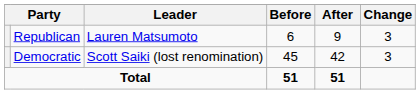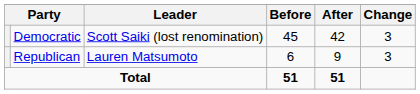 <table class="wikitable" style="text-align:center;">
 <tr>
 </tr>
 <tr>
 <th colspan="2">Party</th>
 <th>Leader</th>
 <th style="width:3em">Before</th>
 <th style="width:3em">After</th>
 <th style="width:3em">Change</th>
 </tr>
 <tr>
 <th style="background-color:"></th>
+<td style="text-align:left;"><a href='#'>Democratic</a></td>
+<td style="text-align:left;"><a href='#'>Scott Saiki</a> (lost renomination)</td>
+<td>45</td>
+<td>42</td>
+<td> 3</td>
+</tr>
+<tr>
+<th style="background-color:"></th>
 <td style="text-align:left;"><a href='#'>Republican</a></td>
 <td style="text-align:left;"><a href='#'>Lauren Matsumoto</a></td>
 <td>6</td>
 <td>9</td>
-<td> 3</td>
-</tr>
-<tr>
-<th style="background-color:"></th>
-<td style="text-align:left;"><a href='#'>Democratic</a></td>
-<td style="text-align:left;"><a href='#'>Scott Saiki</a> (lost renomination)</td>
-<td>45</td>
-<td>42</td>
 <td> 3</td>
 </tr>
 <tr>
 <td colspan="3"><strong>Total</strong></td>
 <td><strong>51</strong></td>
 <td><strong>51</strong></td>
 <td></td>
 </tr>
 </table>
